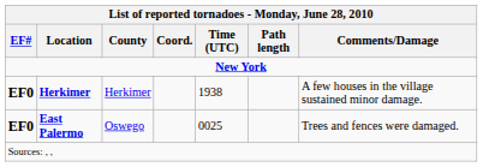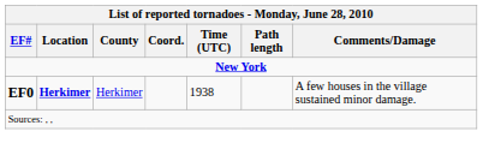 <table class="wikitable collapsible" width="100%">
 <tr>
 <th colspan="7">List of reported tornadoes - Monday, June 28, 2010</th>
 </tr>
 <tr>
 <th><a href='#'>EF#</a></th>
 <th>Location</th>
 <th>County</th>
 <th>Coord.</th>
 <th>Time (UTC)</th>
 <th>Path length</th>
 <th>Comments/Damage</th>
 </tr>
 <tr>
 <td colspan="7" align=center><strong><a href='#'>New York</a></strong></td>
 </tr>
 <tr>
 <td><big><strong>EF0</strong></big></td>
 <td><strong><a href='#'>Herkimer</a></strong></td>
 <td><a href='#'>Herkimer</a></td>
 <td></td>
 <td>1938</td>
 <td></td>
 <td>A few houses in the village sustained minor damage.</td>
 </tr>
 <tr>
-<td><big><strong>EF0</strong></big></td>
-<td><strong><a href='#'>East Palermo</a></strong></td>
-<td><a href='#'>Oswego</a></td>
-<td></td>
-<td>0025</td>
-<td></td>
-<td>Trees and fences were damaged.</td>
-</tr>
-<tr>
 <td colspan="7"><small>Sources: , , </small></td>
 </tr>
 </table>
